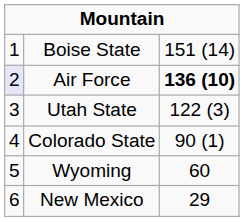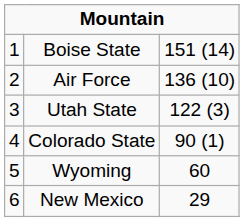 <table class="wikitable" style="display: inline-table">
 <tr align="center">
 <td align="center" Colspan="3"><strong>Mountain</strong><br></td>
 </tr>
 <tr align="center">
 <td>1</td>
 <td>Boise State</td>
 <td>151 (14)</td>
 </tr>
 <tr align="center">
-<td style="background: lavender;">2</td>
+<td>2</td>
 <td>Air Force</td>
-<td><strong>136 (10)</strong></td>
+<td>136 (10)</td>
 </tr>
 <tr align="center">
 <td>3</td>
 <td>Utah State</td>
 <td>122 (3)</td>
 </tr>
 <tr align="center">
 <td>4</td>
 <td>Colorado State</td>
 <td>90 (1)</td>
 </tr>
 <tr align="center">
 <td>5</td>
 <td>Wyoming</td>
 <td>60</td>
 </tr>
 <tr align="center">
 <td>6</td>
 <td>New Mexico</td>
 <td>29</td>
 </tr>
 </table>
